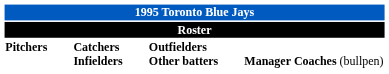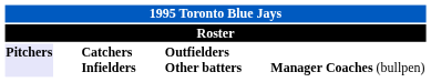 <table class="toccolours" style="font-size: 95%;">
 <tr>
 <th colspan="10" style="background-color: #005ac0; color: #FFFFFF; text-align: center;">1995 Toronto Blue Jays</th>
 </tr>
 <tr>
 <td colspan="10" style="background-color: black; color: white; text-align: center;"><strong>Roster</strong></td>
 </tr>
 <tr>
-<td valign="top"><strong>Pitchers</strong><br>                   </td>
+<td valign="top" style="background: lavender;"><strong>Pitchers</strong><br>                   </td>
 <td width="25px"></td>
 <td valign="top"><strong>Catchers</strong><br>   <strong>Infielders</strong>       </td>
 <td width="25px"></td>
 <td valign="top"><strong>Outfielders</strong><br>        <strong>Other batters</strong> </td>
 <td width="25px"></td>
 <td valign="top"><br><strong>Manager</strong>  <strong>Coaches</strong>     (bullpen)  </td>
 </tr>
 </table>
